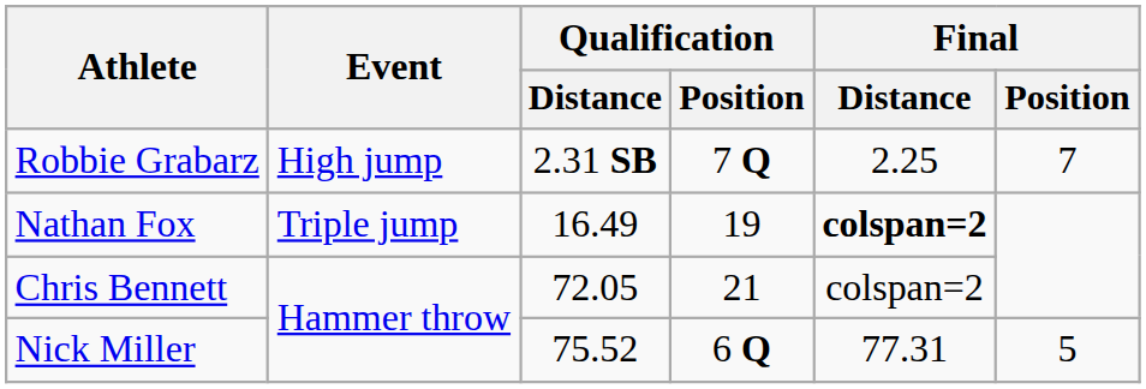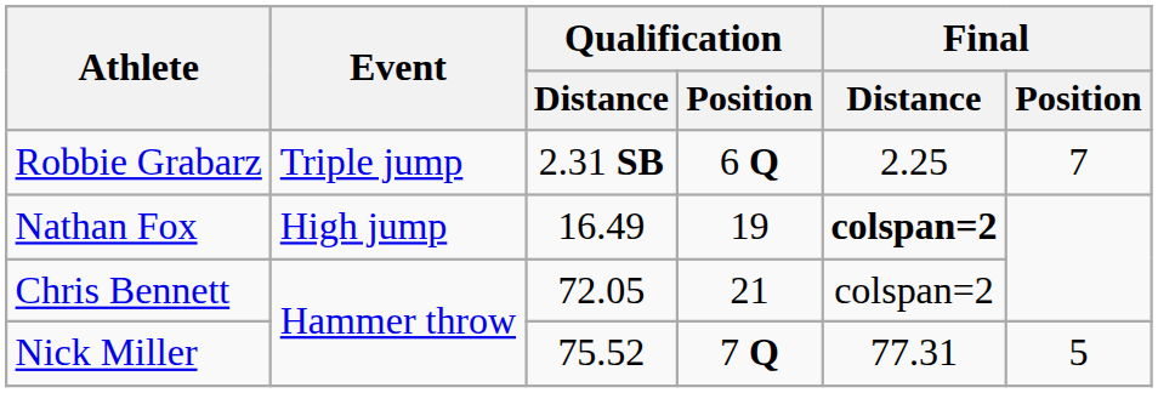 <table class=wikitable style="font-size:90%">
 <tr>
 <th rowspan="2">Athlete</th>
 <th rowspan="2">Event</th>
 <th colspan="2">Qualification</th>
 <th colspan="2">Final</th>
 </tr>
 <tr style="font-size:95%">
 <th>Distance</th>
 <th>Position</th>
 <th>Distance</th>
 <th>Position</th>
 </tr>
 <tr style=text-align:center>
 <td style=text-align:left><a href='#'>Robbie Grabarz</a></td>
-<td style="text-align:left;"><a href='#'>High jump</a></td>
+<td style=text-align:left><a href='#'>Triple jump</a></td>
 <td>2.31 <strong>SB</strong></td>
-<td>7 <strong>Q</strong></td>
+<td>6 <strong>Q</strong></td>
 <td>2.25</td>
 <td>7</td>
 </tr>
 <tr style=text-align:center>
 <td style=text-align:left><a href='#'>Nathan Fox</a></td>
-<td style=text-align:left><a href='#'>Triple jump</a></td>
+<td style="text-align:left;"><a href='#'>High jump</a></td>
 <td>16.49</td>
 <td>19</td>
 <td><strong>colspan=2 </strong></td>
 </tr>
 <tr style=text-align:center>
 <td style=text-align:left><a href='#'>Chris Bennett</a></td>
 <td style=text-align:left rowspan=2><a href='#'>Hammer throw</a></td>
 <td>72.05</td>
 <td>21</td>
 <td>colspan=2 </td>
 </tr>
 <tr style=text-align:center>
 <td style=text-align:left><a href='#'>Nick Miller</a></td>
 <td>75.52</td>
-<td>6 <strong>Q</strong></td>
+<td>7 <strong>Q</strong></td>
 <td>77.31</td>
 <td>5</td>
 </tr>
 </table>
